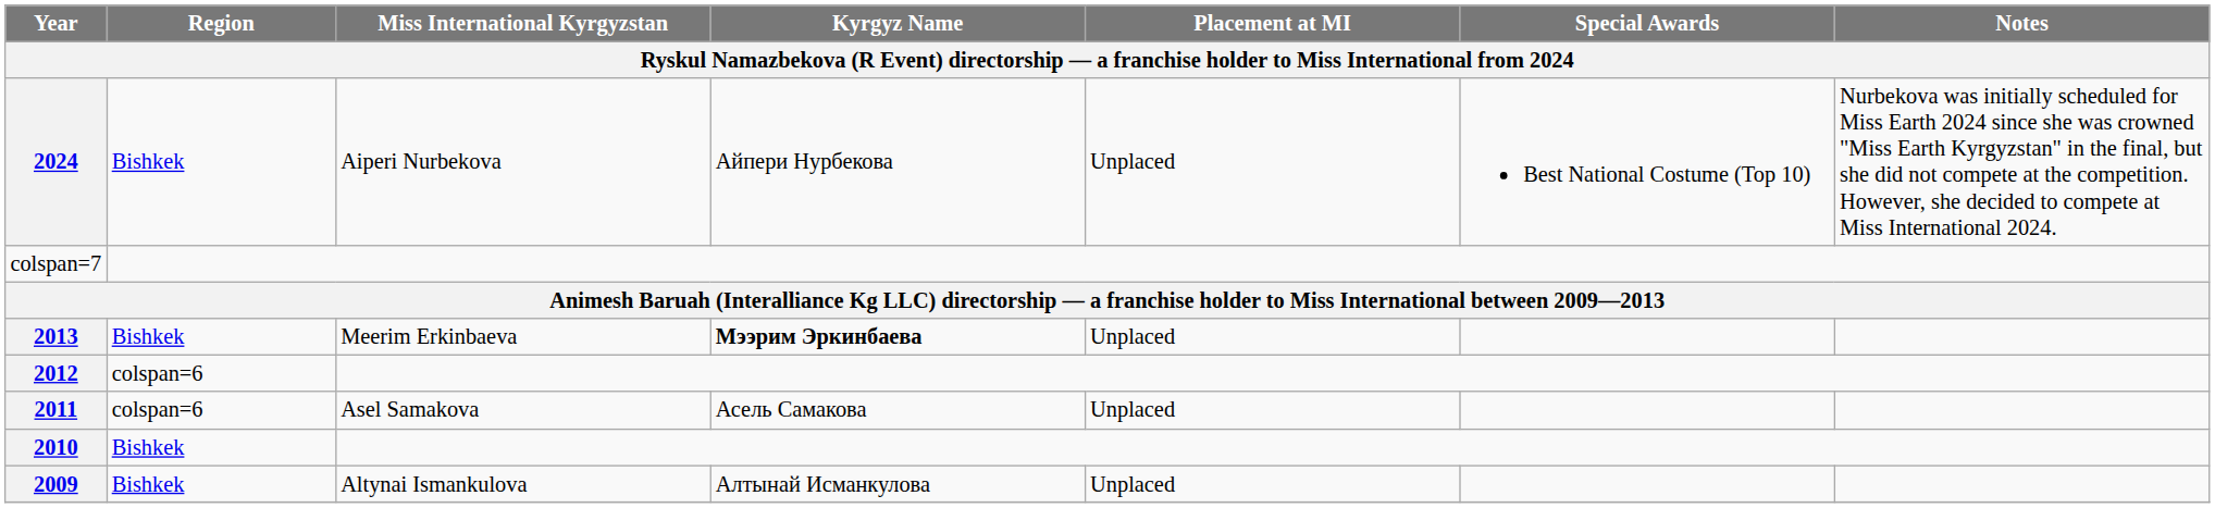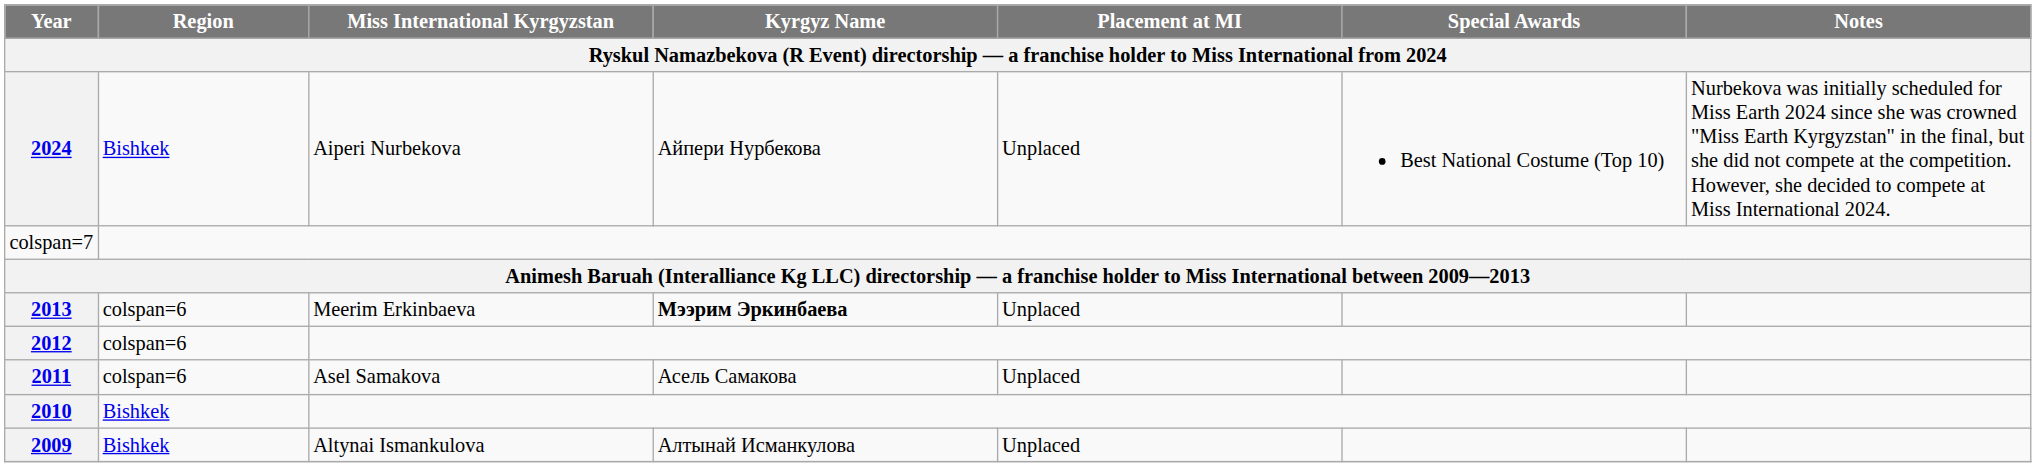 <table class="wikitable " style="font-size: 95%;">
 <tr>
 <th width="60" style="background-color:#787878;color:#FFFFFF;">Year</th>
 <th width="150" style="background-color:#787878;color:#FFFFFF;">Region</th>
 <th width="250" style="background-color:#787878;color:#FFFFFF;">Miss International Kyrgyzstan</th>
 <th width="250" style="background-color:#787878;color:#FFFFFF;">Kyrgyz Name</th>
 <th width="250" style="background-color:#787878;color:#FFFFFF;">Placement at MI</th>
 <th width="250" style="background-color:#787878;color:#FFFFFF;">Special Awards</th>
 <th width="250" style="background-color:#787878;color:#FFFFFF;">Notes</th>
 </tr>
 <tr>
 <th colspan="7">Ryskul Namazbekova (R Event) directorship — a franchise holder to Miss International from 2024</th>
 </tr>
 <tr>
 <th><a href='#'>2024</a></th>
 <td><a href='#'>Bishkek</a></td>
 <td>Aiperi Nurbekova</td>
 <td>Айпери Нурбекова</td>
 <td>Unplaced</td>
 <td><br><ul><li>Best National Costume (Top 10)</li></ul></td>
 <td>Nurbekova was initially scheduled for Miss Earth 2024 since she was crowned "Miss Earth Kyrgyzstan" in the final, but she did not compete at the competition. However, she decided to compete at Miss International 2024.</td>
 </tr>
 <tr>
 <td>colspan=7 </td>
 </tr>
 <tr>
 <th colspan="7">Animesh Baruah (Interalliance Kg LLC) directorship — a franchise holder to Miss International between 2009―2013</th>
 </tr>
 <tr>
 <th><a href='#'>2013</a></th>
-<td><a href='#'>Bishkek</a></td>
+<td>colspan=6 </td>
 <td>Meerim Erkinbaeva</td>
 <td><strong>Мээрим Эркинбаева</strong></td>
 <td>Unplaced</td>
 <td></td>
 <td></td>
 </tr>
 <tr>
 <th><a href='#'>2012</a></th>
 <td>colspan=6 </td>
 </tr>
 <tr>
 <th><a href='#'>2011</a></th>
 <td>colspan=6 </td>
 <td>Asel Samakova</td>
 <td>Асель Самакова</td>
 <td>Unplaced</td>
 <td></td>
 <td></td>
 </tr>
 <tr>
 <th><a href='#'>2010</a></th>
 <td><a href='#'>Bishkek</a></td>
 </tr>
 <tr>
 <th><a href='#'>2009</a></th>
 <td><a href='#'>Bishkek</a></td>
 <td>Altynai Ismankulova</td>
 <td>Алтынай Исманкулова</td>
 <td>Unplaced</td>
 <td></td>
 <td></td>
 </tr>
 <tr>
 </tr>
 </table>
